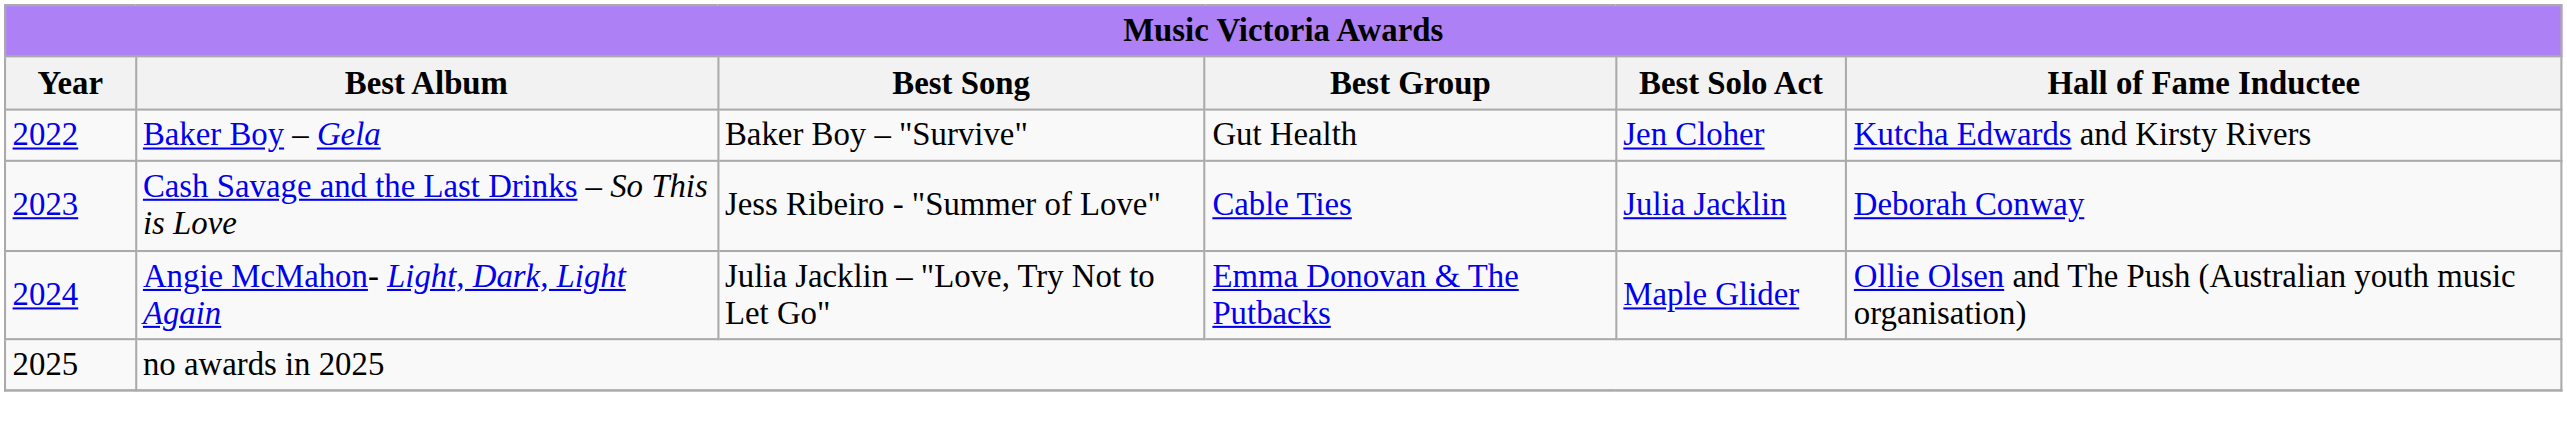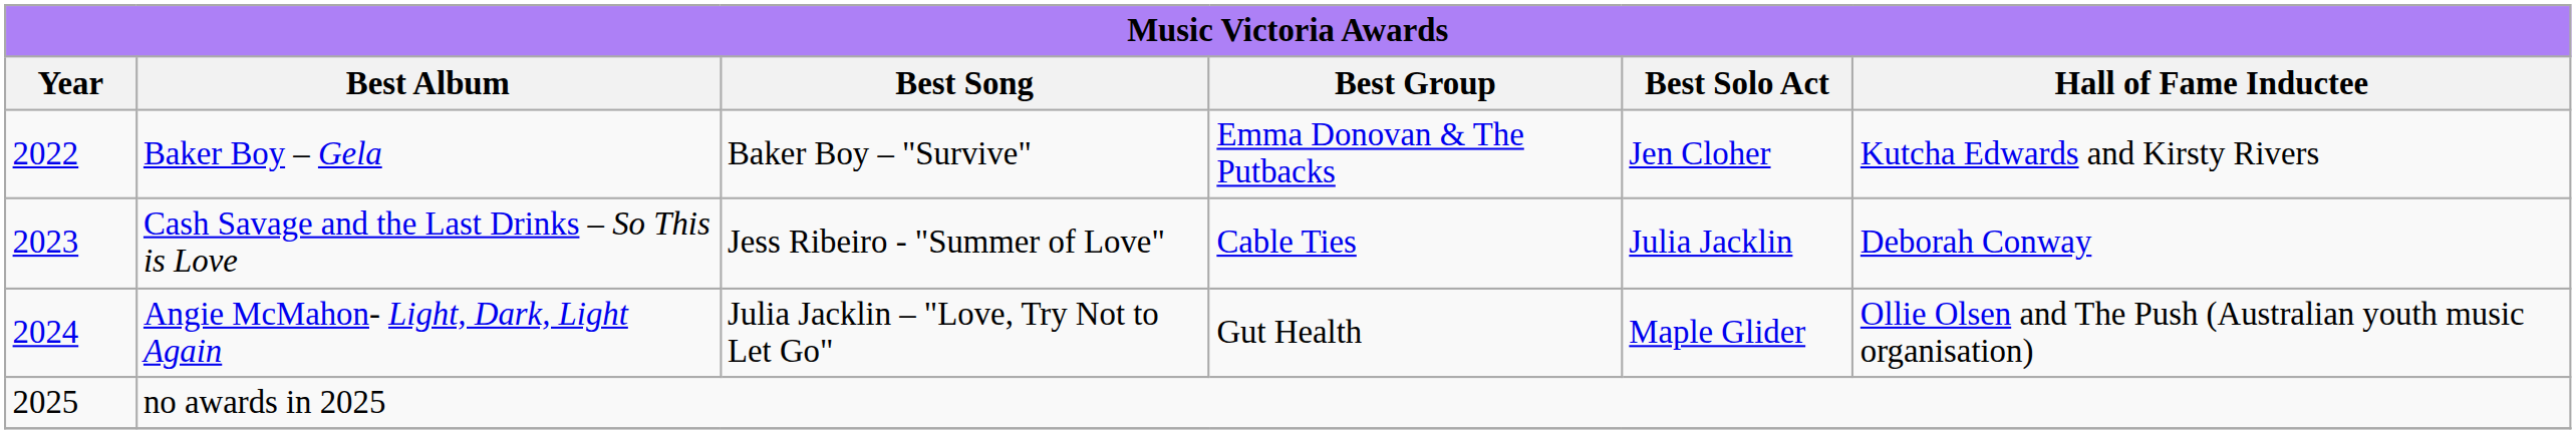 <table class="wikitable">
 <tr>
 <th colspan="6" style="width:15%;background:#AD80F6">Music Victoria Awards</th>
 </tr>
 <tr>
 <th>Year</th>
 <th>Best Album</th>
 <th>Best Song</th>
 <th>Best Group</th>
 <th>Best Solo Act</th>
 <th>Hall of Fame Inductee</th>
 </tr>
 <tr>
 <td><a href='#'>2022</a></td>
 <td><a href='#'>Baker Boy</a> – <em><a href='#'>Gela</a></em></td>
 <td>Baker Boy – "Survive"</td>
-<td>Gut Health</td>
+<td><a href='#'>Emma Donovan & The Putbacks</a></td>
 <td><a href='#'>Jen Cloher</a></td>
 <td><a href='#'>Kutcha Edwards</a> and Kirsty Rivers</td>
 </tr>
 <tr>
 <td><a href='#'>2023</a></td>
 <td><a href='#'>Cash Savage and the Last Drinks</a> – <em>So This is Love</em></td>
 <td>Jess Ribeiro  - "Summer of Love"</td>
 <td><a href='#'>Cable Ties</a></td>
 <td><a href='#'>Julia Jacklin</a></td>
 <td><a href='#'>Deborah Conway</a></td>
 </tr>
 <tr>
 <td><a href='#'>2024</a></td>
 <td><a href='#'>Angie McMahon</a>- <em><a href='#'>Light, Dark, Light Again</a></em></td>
 <td>Julia Jacklin – "Love, Try Not to Let Go"</td>
-<td><a href='#'>Emma Donovan & The Putbacks</a></td>
+<td>Gut Health</td>
 <td><a href='#'>Maple Glider</a></td>
 <td><a href='#'>Ollie Olsen</a> and The Push (Australian youth music organisation)</td>
 </tr>
 <tr>
 <td>2025</td>
 <td colspan="5">no awards in 2025</td>
 </tr>
 <tr>
 </tr>
 </table>
